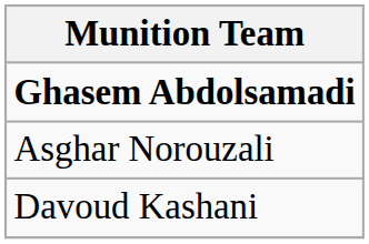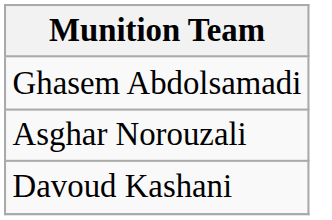 <table class="wikitable" "align: right;">
 <tr>
 <th>Munition Team</th>
 </tr>
 <tr>
-<td><strong> Ghasem Abdolsamadi</strong></td>
+<td> Ghasem Abdolsamadi</td>
 </tr>
 <tr>
 <td> Asghar Norouzali</td>
 </tr>
 <tr>
 <td> Davoud Kashani</td>
 </tr>
 <tr>
 </tr>
 </table>
